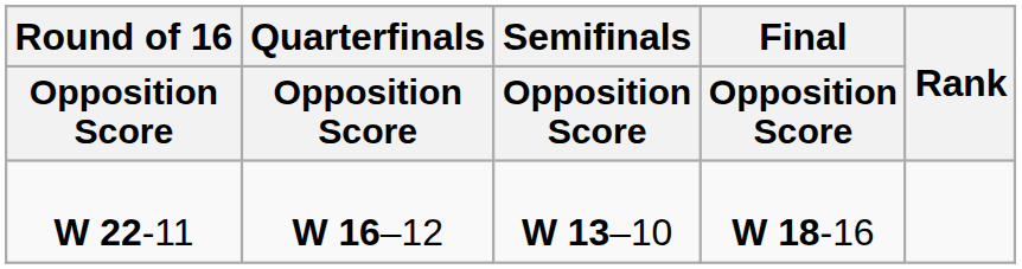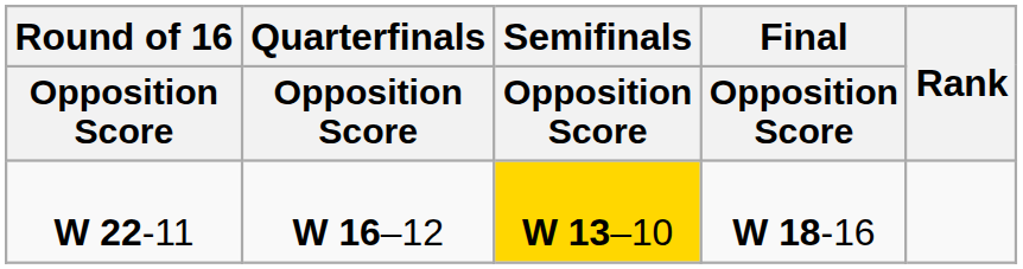 <table class=wikitable style="font-size:90%">
 <tr>
 <th>Round of 16</th>
 <th>Quarterfinals</th>
 <th>Semifinals</th>
 <th>Final</th>
 <th rowspan=2>Rank</th>
 </tr>
 <tr style="font-size:95%">
 <th>Opposition<br>Score</th>
 <th>Opposition<br>Score</th>
 <th>Opposition<br>Score</th>
 <th>Opposition<br>Score</th>
 </tr>
 <tr align=center>
 <td><br><strong>W</strong>  <strong>22</strong>-11</td>
 <td><br><strong>W</strong>  <strong>16</strong>–12</td>
-<td><br><strong>W</strong>  <strong>13</strong>–10</td>
+<td style="background: gold;"><br><strong>W</strong>  <strong>13</strong>–10</td>
 <td><br><strong>W</strong>  <strong>18</strong>-16</td>
 <td></td>
 </tr>
 </table>
